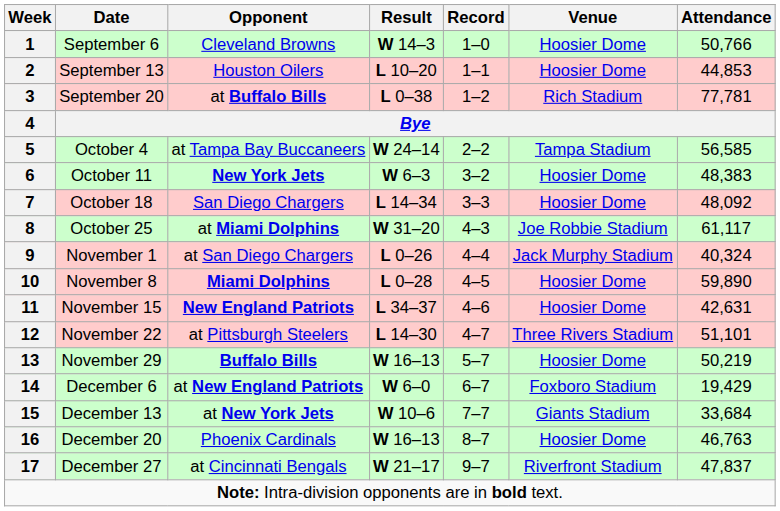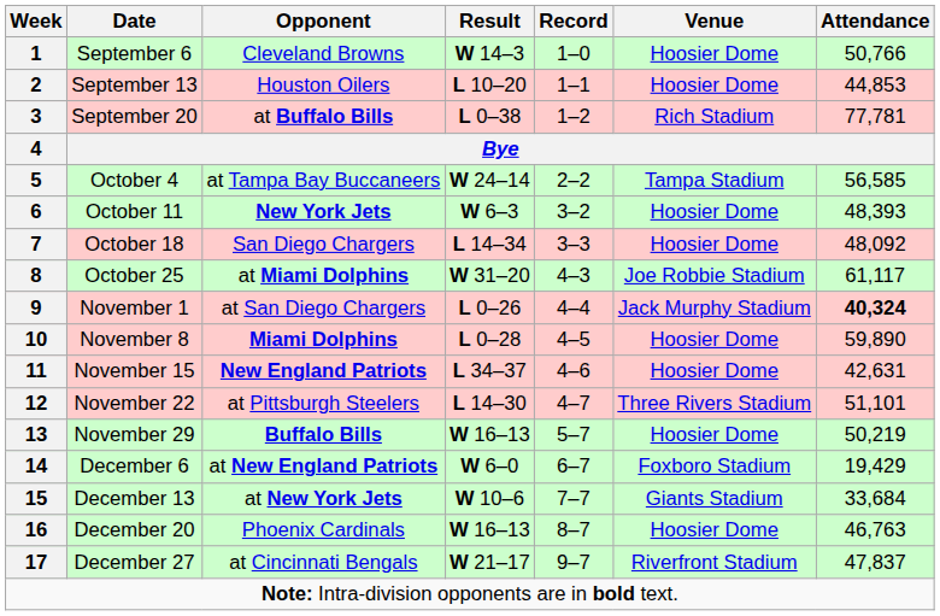 <table class="wikitable" style="text-align:center">
 <tr>
 <th>Week</th>
 <th>Date</th>
 <th>Opponent</th>
 <th>Result</th>
 <th>Record</th>
 <th>Venue</th>
 <th>Attendance</th>
 </tr>
 <tr style="background:#cfc">
 <th>1</th>
 <td>September 6</td>
 <td><a href='#'>Cleveland Browns</a></td>
 <td><strong>W</strong> 14–3</td>
 <td>1–0</td>
 <td><a href='#'>Hoosier Dome</a></td>
 <td>50,766</td>
 </tr>
 <tr style="background:#fcc">
 <th>2</th>
 <td>September 13</td>
 <td><a href='#'>Houston Oilers</a></td>
 <td><strong>L</strong> 10–20</td>
 <td>1–1</td>
 <td><a href='#'>Hoosier Dome</a></td>
 <td>44,853</td>
 </tr>
 <tr style="background:#fcc">
 <th>3</th>
 <td>September 20</td>
 <td>at <strong><a href='#'>Buffalo Bills</a></strong></td>
 <td><strong>L</strong> 0–38</td>
 <td>1–2</td>
 <td><a href='#'>Rich Stadium</a></td>
 <td>77,781</td>
 </tr>
 <tr>
 <th>4</th>
 <th colspan="6"><em><a href='#'>Bye</a></em></th>
 </tr>
 <tr style="background:#cfc">
 <th>5</th>
 <td>October 4</td>
 <td>at <a href='#'>Tampa Bay Buccaneers</a></td>
 <td><strong>W</strong> 24–14</td>
 <td>2–2</td>
 <td><a href='#'>Tampa Stadium</a></td>
 <td>56,585</td>
 </tr>
 <tr style="background:#cfc">
 <th>6</th>
 <td>October 11</td>
 <td><strong><a href='#'>New York Jets</a></strong></td>
 <td><strong>W</strong> 6–3 </td>
 <td>3–2</td>
 <td><a href='#'>Hoosier Dome</a></td>
-<td>48,383</td>
+<td>48,393</td>
 </tr>
 <tr style="background:#fcc">
 <th>7</th>
 <td>October 18</td>
 <td><a href='#'>San Diego Chargers</a></td>
 <td><strong>L</strong> 14–34</td>
 <td>3–3</td>
 <td><a href='#'>Hoosier Dome</a></td>
 <td>48,092</td>
 </tr>
 <tr style="background:#cfc">
 <th>8</th>
 <td>October 25</td>
 <td>at <strong><a href='#'>Miami Dolphins</a></strong></td>
 <td><strong>W</strong> 31–20</td>
 <td>4–3</td>
 <td><a href='#'>Joe Robbie Stadium</a></td>
 <td>61,117</td>
 </tr>
 <tr style="background:#fcc">
 <th>9</th>
 <td>November 1</td>
 <td>at <a href='#'>San Diego Chargers</a></td>
 <td><strong>L</strong> 0–26</td>
 <td>4–4</td>
 <td><a href='#'>Jack Murphy Stadium</a></td>
-<td>40,324</td>
+<td><strong>40,324</strong></td>
 </tr>
 <tr style="background:#fcc">
 <th>10</th>
 <td>November 8</td>
 <td><strong><a href='#'>Miami Dolphins</a></strong></td>
 <td><strong>L</strong> 0–28</td>
 <td>4–5</td>
 <td><a href='#'>Hoosier Dome</a></td>
 <td>59,890</td>
 </tr>
 <tr style="background:#fcc">
 <th>11</th>
 <td>November 15</td>
 <td><strong><a href='#'>New England Patriots</a></strong></td>
 <td><strong>L</strong> 34–37 </td>
 <td>4–6</td>
 <td><a href='#'>Hoosier Dome</a></td>
 <td>42,631</td>
 </tr>
 <tr style="background:#fcc">
 <th>12</th>
 <td>November 22</td>
 <td>at <a href='#'>Pittsburgh Steelers</a></td>
 <td><strong>L</strong> 14–30</td>
 <td>4–7</td>
 <td><a href='#'>Three Rivers Stadium</a></td>
 <td>51,101</td>
 </tr>
 <tr style="background:#cfc">
 <th>13</th>
 <td>November 29</td>
 <td><strong><a href='#'>Buffalo Bills</a></strong></td>
 <td><strong>W</strong> 16–13 </td>
 <td>5–7</td>
 <td><a href='#'>Hoosier Dome</a></td>
 <td>50,219</td>
 </tr>
 <tr style="background:#cfc">
 <th>14</th>
 <td>December 6</td>
 <td>at <strong><a href='#'>New England Patriots</a></strong></td>
 <td><strong>W</strong> 6–0</td>
 <td>6–7</td>
 <td><a href='#'>Foxboro Stadium</a></td>
 <td>19,429</td>
 </tr>
 <tr style="background:#cfc">
 <th>15</th>
 <td>December 13</td>
 <td>at <strong><a href='#'>New York Jets</a></strong></td>
 <td><strong>W</strong> 10–6</td>
 <td>7–7</td>
 <td><a href='#'>Giants Stadium</a></td>
 <td>33,684</td>
 </tr>
 <tr style="background:#cfc">
 <th>16</th>
 <td>December 20</td>
 <td><a href='#'>Phoenix Cardinals</a></td>
 <td><strong>W</strong> 16–13</td>
 <td>8–7</td>
 <td><a href='#'>Hoosier Dome</a></td>
 <td>46,763</td>
 </tr>
 <tr style="background:#cfc">
 <th>17</th>
 <td>December 27</td>
 <td>at <a href='#'>Cincinnati Bengals</a></td>
 <td><strong>W</strong> 21–17</td>
 <td>9–7</td>
 <td><a href='#'>Riverfront Stadium</a></td>
 <td>47,837</td>
 </tr>
 <tr>
 <td colspan="8"><strong>Note:</strong> Intra-division opponents are in <strong>bold</strong> text.</td>
 </tr>
 </table>
